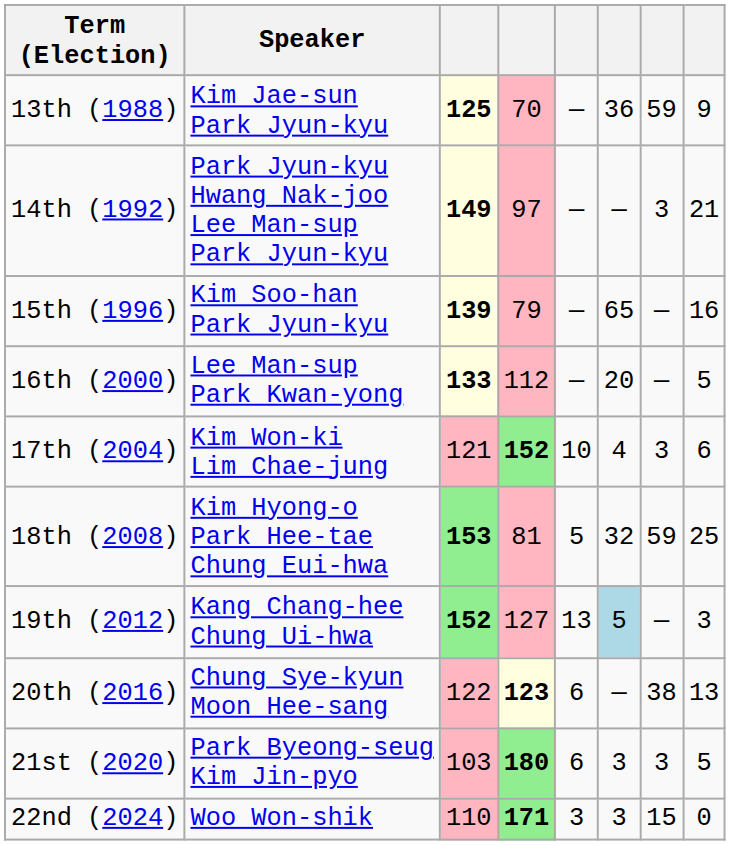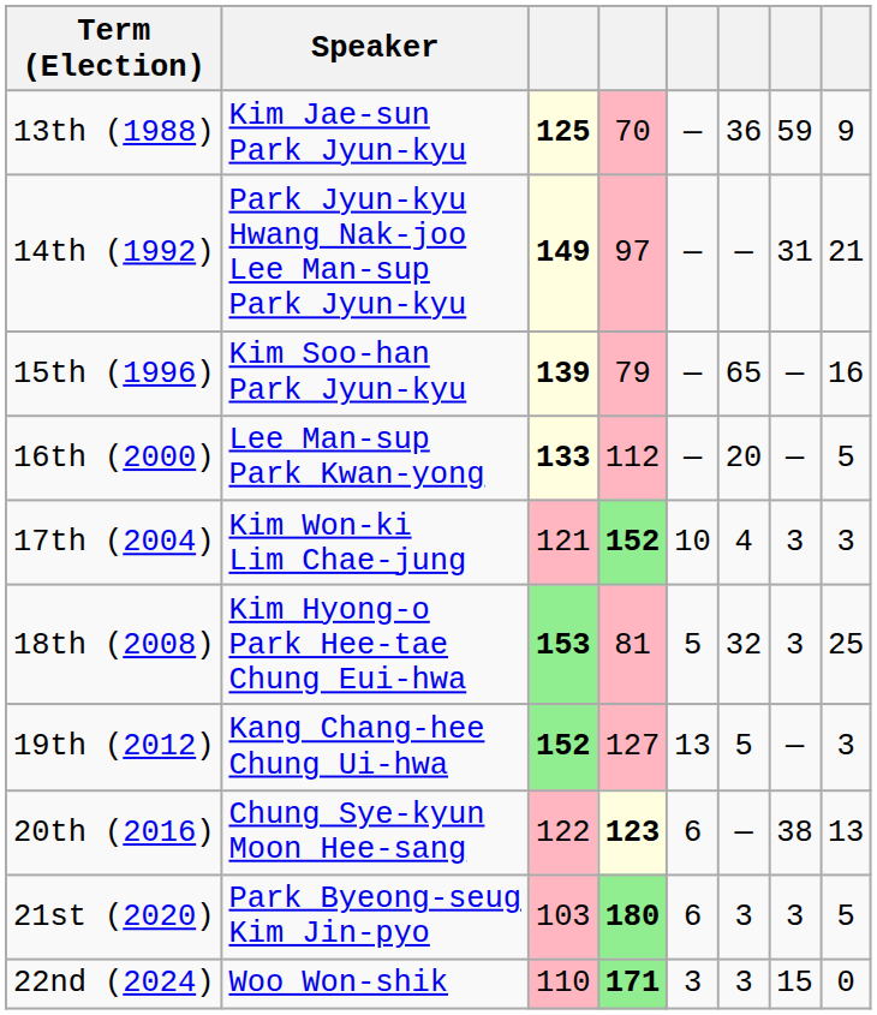 <table class="wikitable" style="font-size:100%; text-align:center">
 <tr align=center>
 <th>Term<br>(Election)</th>
 <th>Speaker</th>
 <th style="background:"><br> <a href='#'><span></span></a></th>
 <th ! style="background:"><br> <a href='#'><span></span></a></th>
 <th ! style="background:"><br> <a href='#'><span></span></a></th>
 <th ! style="background:"></th>
 <th ! style="background:"></th>
 <th ! style="background:"></th>
 </tr>
 <tr>
 <td align=center>13th (<a href='#'>1988</a>)</td>
 <td align=left><a href='#'>Kim Jae-sun</a> <br><a href='#'>Park Jyun-kyu</a> </td>
 <td style="background:lightyellow;"><strong>125</strong></td>
 <td style="background:lightpink;">70</td>
 <td>—</td>
 <td>36</td>
 <td>59</td>
 <td>9</td>
 </tr>
 <tr>
 <td align=center>14th (<a href='#'>1992</a>)</td>
 <td align=left><a href='#'>Park Jyun-kyu</a> <br><a href='#'>Hwang Nak-joo</a> <br><a href='#'>Lee Man-sup</a> <br><a href='#'>Park Jyun-kyu</a> </td>
 <td style="background:lightyellow;"><strong>149</strong></td>
 <td style="background:lightpink;">97</td>
 <td>—</td>
 <td>—</td>
-<td>3</td>
+<td>31</td>
 <td>21</td>
 </tr>
 <tr>
 <td align=center>15th (<a href='#'>1996</a>)</td>
 <td align=left><a href='#'>Kim Soo-han</a> <br><a href='#'>Park Jyun-kyu</a> </td>
 <td style="background:lightyellow;"><strong>139</strong></td>
 <td style="background:lightpink;">79</td>
 <td>—</td>
 <td>65</td>
 <td>—</td>
 <td>16</td>
 </tr>
 <tr>
 <td align=center>16th (<a href='#'>2000</a>)</td>
 <td align=left><a href='#'>Lee Man-sup</a> <br><a href='#'>Park Kwan-yong</a> </td>
 <td style="background:lightyellow;"><strong>133</strong></td>
 <td style="background:lightpink;">112</td>
 <td>—</td>
 <td>20</td>
 <td>—</td>
 <td>5</td>
 </tr>
 <tr>
 <td align=center>17th (<a href='#'>2004</a>)</td>
 <td align=left><a href='#'>Kim Won-ki</a> <br><a href='#'>Lim Chae-jung</a> </td>
 <td style="background:lightpink;">121</td>
 <td style="background:lightgreen;"><strong>152</strong></td>
 <td>10</td>
 <td>4</td>
 <td>3</td>
-<td>6</td>
+<td>3</td>
 </tr>
 <tr>
 <td align=center>18th (<a href='#'>2008</a>)</td>
 <td align=left><a href='#'>Kim Hyong-o</a> <br><a href='#'>Park Hee-tae</a> <br><a href='#'>Chung Eui-hwa</a> </td>
 <td style="background:lightgreen;"><strong>153</strong></td>
 <td style="background:lightpink;">81</td>
 <td>5</td>
 <td>32</td>
-<td>59</td>
+<td>3</td>
 <td>25</td>
 </tr>
 <tr>
 <td align=center>19th (<a href='#'>2012</a>)</td>
 <td align=left><a href='#'>Kang Chang-hee</a> <br><a href='#'>Chung Ui-hwa</a> <br></td>
 <td style="background:lightgreen;"><strong>152</strong></td>
 <td style="background:lightpink;">127</td>
 <td>13</td>
-<td style="background: lightblue;">5</td>
+<td>5</td>
 <td>—</td>
 <td>3</td>
 </tr>
 <tr>
 <td align=center>20th (<a href='#'>2016</a>)</td>
 <td align=left><a href='#'>Chung Sye-kyun</a> <br><a href='#'>Moon Hee-sang</a> <br></td>
 <td style="background:lightpink;">122</td>
 <td style="background:lightyellow;"><strong>123</strong></td>
 <td>6</td>
 <td>—</td>
 <td>38</td>
 <td>13</td>
 </tr>
 <tr>
 <td align=center>21st (<a href='#'>2020</a>)</td>
 <td align=left><a href='#'>Park Byeong-seug</a> <br><a href='#'>Kim Jin-pyo</a> </td>
 <td style="background:lightpink;">103</td>
 <td style="background:lightgreen;"><strong>180</strong></td>
 <td>6</td>
 <td>3</td>
 <td>3</td>
 <td>5</td>
 </tr>
 <tr>
 <td align=center>22nd (<a href='#'>2024</a>)</td>
 <td align=left><a href='#'>Woo Won-shik</a> </td>
 <td style="background:lightpink;">110</td>
 <td style="background:lightgreen;"><strong>171</strong></td>
 <td>3</td>
 <td>3</td>
 <td>15</td>
 <td>0</td>
 </tr>
 </table>
